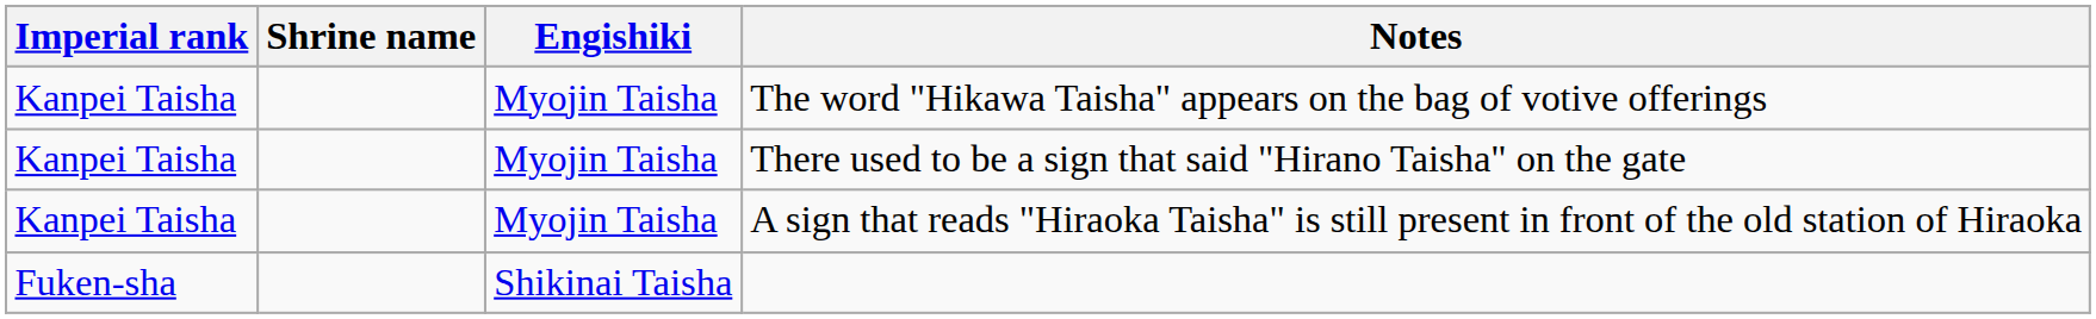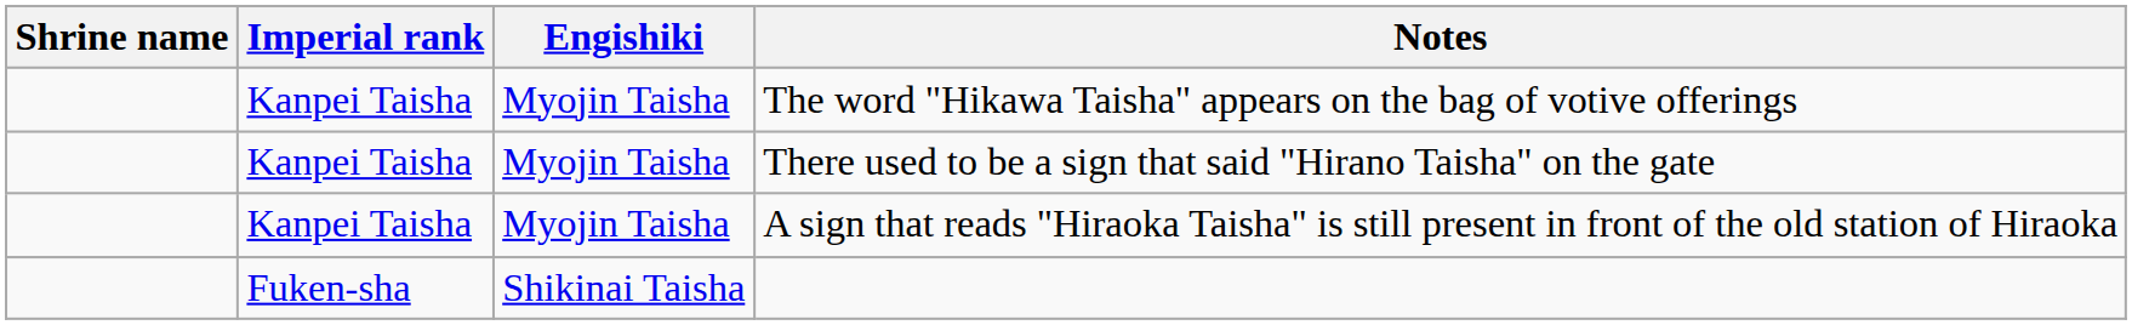 <table class="wikitable">
 <tr>
+<th>Shrine name</th>
 <th><a href='#'>Imperial rank</a></th>
-<th>Shrine name</th>
 <th><a href='#'>Engishiki</a></th>
 <th>Notes</th>
 </tr>
 <tr>
+<td></td>
 <td><a href='#'>Kanpei Taisha</a></td>
-<td></td>
 <td><a href='#'>Myojin Taisha</a></td>
 <td>The word "Hikawa Taisha" appears on the bag of votive offerings</td>
 </tr>
 <tr>
+<td></td>
 <td><a href='#'>Kanpei Taisha</a></td>
-<td></td>
 <td><a href='#'>Myojin Taisha</a></td>
 <td>There used to be a sign that said "Hirano Taisha" on the gate</td>
 </tr>
 <tr>
+<td></td>
 <td><a href='#'>Kanpei Taisha</a></td>
-<td></td>
 <td><a href='#'>Myojin Taisha</a></td>
 <td>A sign that reads "Hiraoka Taisha" is still present in front of the old station of Hiraoka</td>
 </tr>
 <tr>
+<td></td>
 <td><a href='#'>Fuken-sha</a></td>
-<td></td>
 <td><a href='#'>Shikinai Taisha</a></td>
 <td></td>
 </tr>
 </table>
